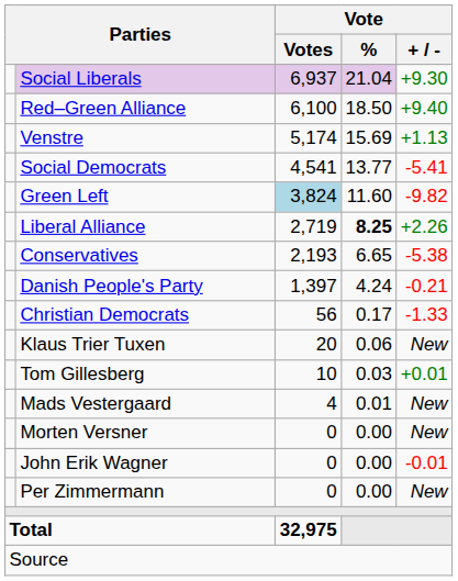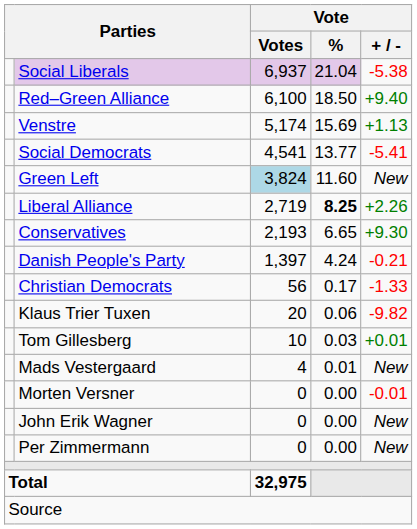 <table class="wikitable" style="text-align:right;">
 <tr>
 <th style="text-align:centre;" rowspan="2" colspan="2" width="225">Parties</th>
 <th colspan="3">Vote</th>
 </tr>
 <tr>
 <th width="15">Votes</th>
 <th width="15">%</th>
 <th width="15">+ / -</th>
 </tr>
 <tr>
 <td width="2" style="color:inherit;background:"></td>
 <td bgcolor=#e3c8e9  align="left"><a href='#'>Social Liberals</a></td>
 <td bgcolor=#e3c8e9>6,937</td>
 <td bgcolor=#e3c8e9>21.04</td>
-<td style=color:green;>+9.30</td>
+<td style=color:red;>-5.38</td>
 </tr>
 <tr>
 <td width="2" style="color:inherit;background:"></td>
 <td align="left"><a href='#'>Red–Green Alliance</a></td>
 <td>6,100</td>
 <td>18.50</td>
 <td style=color:green;>+9.40</td>
 </tr>
 <tr>
 <td width="2" style="color:inherit;background:"></td>
 <td align="left"><a href='#'>Venstre</a></td>
 <td>5,174</td>
 <td>15.69</td>
 <td style=color:green;>+1.13</td>
 </tr>
 <tr>
 <td width="2" style="color:inherit;background:"></td>
 <td align="left"><a href='#'>Social Democrats</a></td>
 <td>4,541</td>
 <td>13.77</td>
 <td style=color:red;>-5.41</td>
 </tr>
 <tr>
 <td width="2" style="color:inherit;background:"></td>
 <td align="left"><a href='#'>Green Left</a></td>
 <td style="background: lightblue;">3,824</td>
 <td>11.60</td>
-<td style=color:red;>-9.82</td>
+<td><em>New</em></td>
 </tr>
 <tr>
 <td width="2" style="color:inherit;background:"></td>
 <td align="left"><a href='#'>Liberal Alliance</a></td>
 <td>2,719</td>
 <td><strong>8.25</strong></td>
 <td style=color:green;>+2.26</td>
 </tr>
 <tr>
 <td width="2" style="color:inherit;background:"></td>
 <td align="left"><a href='#'>Conservatives</a></td>
 <td>2,193</td>
 <td>6.65</td>
-<td style=color:red;>-5.38</td>
+<td style=color:green;>+9.30</td>
 </tr>
 <tr>
 <td width="2" style="color:inherit;background:"></td>
 <td align="left"><a href='#'>Danish People's Party</a></td>
 <td>1,397</td>
 <td>4.24</td>
 <td style=color:red;>-0.21</td>
 </tr>
 <tr>
 <td width="2" style="color:inherit;background:"></td>
 <td align="left"><a href='#'>Christian Democrats</a></td>
 <td>56</td>
 <td>0.17</td>
 <td style=color:red;>-1.33</td>
 </tr>
 <tr>
 <td width="2" style="color:inherit;background:"></td>
 <td align="left">Klaus Trier Tuxen</td>
 <td>20</td>
 <td>0.06</td>
-<td><em>New</em></td>
+<td style=color:red;>-9.82</td>
 </tr>
 <tr>
 <td width="2" style="color:inherit;background:"></td>
 <td align="left">Tom Gillesberg</td>
 <td>10</td>
 <td>0.03</td>
 <td style=color:green;>+0.01</td>
 </tr>
 <tr>
 <td width="2" style="color:inherit;background:"></td>
 <td align="left">Mads Vestergaard</td>
 <td>4</td>
 <td>0.01</td>
 <td><em>New</em></td>
 </tr>
 <tr>
 <td width="2" style="color:inherit;background:"></td>
 <td align="left">Morten Versner</td>
 <td>0</td>
 <td>0.00</td>
-<td><em>New</em></td>
+<td style=color:red;>-0.01</td>
 </tr>
 <tr>
 <td width="2" style="color:inherit;background:"></td>
 <td align="left">John Erik Wagner</td>
 <td>0</td>
 <td>0.00</td>
-<td style=color:red;>-0.01</td>
+<td><em>New</em></td>
 </tr>
 <tr>
 <td width="2" style="color:inherit;background:"></td>
 <td align="left">Per Zimmermann</td>
 <td>0</td>
 <td>0.00</td>
 <td><em>New</em></td>
 </tr>
 <tr>
 <td colspan="7" bgcolor="#E9E9E9"></td>
 </tr>
 <tr>
 <td align="left" colspan="2"><strong>Total</strong></td>
 <td><strong>32,975</strong></td>
 <td bgcolor="#E9E9E9" colspan="2"></td>
 </tr>
 <tr>
 <td align="left" colspan="6">Source</td>
 </tr>
 </table>
